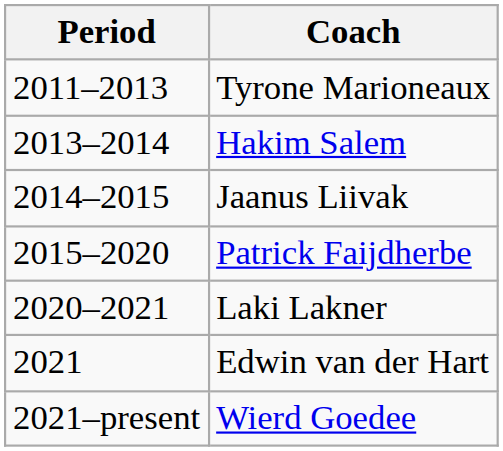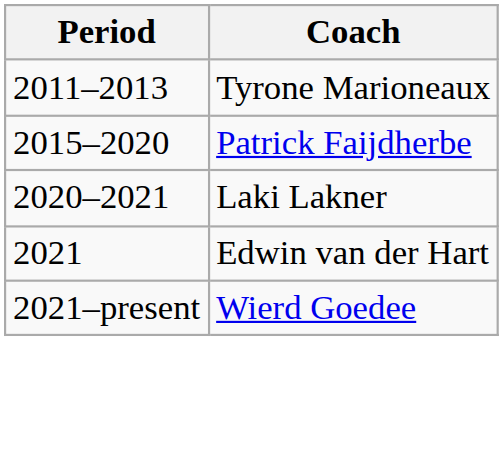 <table class="wikitable">
 <tr>
 <th>Period</th>
 <th>Coach</th>
 </tr>
 <tr>
 <td>2011–2013</td>
 <td> Tyrone Marioneaux</td>
-</tr>
-<tr>
-<td>2013–2014</td>
-<td> <a href='#'>Hakim Salem</a></td>
-</tr>
-<tr>
-<td>2014–2015</td>
-<td> Jaanus Liivak</td>
 </tr>
 <tr>
 <td>2015–2020</td>
 <td> <a href='#'>Patrick Faijdherbe</a></td>
 </tr>
 <tr>
 <td>2020–2021</td>
 <td> Laki Lakner</td>
 </tr>
 <tr>
 <td>2021</td>
 <td> Edwin van der Hart</td>
 </tr>
 <tr>
 <td>2021–present</td>
 <td> <a href='#'>Wierd Goedee</a></td>
 </tr>
 </table>
